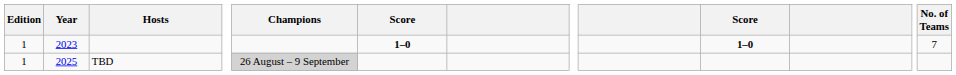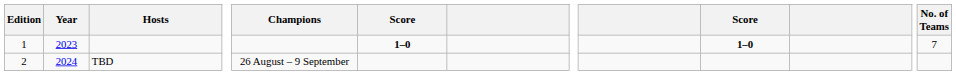 <table class="wikitable" style="text-align:center;width:100%; font-size:90%;">
 <tr>
 <th width=2%>Edition</th>
 <th width=5%>Year</th>
 <th width=15%>Hosts</th>
 <td rowspan="8" style="width:1%;background:#fff;border-top-style:hidden;border-bottom-style:hidden;"></td>
 <th style="width:14%;">Champions</th>
 <th width=10%>Score</th>
 <th style="width:14%;"></th>
 <td rowspan="8" style="width:1%;background:#fff;border-top-style:hidden;border-bottom-style:hidden;"></td>
 <th style="width:14%;"></th>
 <th width=10%>Score</th>
 <th style="width:14%;"></th>
 <td rowspan="8" style="width:1%;background:#fff;border-top-style:hidden;border-bottom-style:hidden;"></td>
 <th width=4%>No. of Teams</th>
 </tr>
 <tr>
 <td>1</td>
 <td><a href='#'>2023</a></td>
 <td align=left><br></td>
 <td><strong></strong></td>
 <td><strong>1–0</strong></td>
 <td></td>
 <td></td>
 <td><strong>1–0</strong></td>
 <td></td>
 <td>7</td>
 </tr>
 <tr>
-<td>1</td>
-<td><a href='#'>2025</a></td>
+<td>2</td>
+<td><a href='#'>2024</a></td>
 <td align=left> TBD</td>
-<td style="background: lightgrey;">26 August – 9 September</td>
+<td>26 August – 9 September</td>
 <td></td>
 <td></td>
 <td></td>
 <td></td>
 <td></td>
 <td></td>
 </tr>
 </table>
